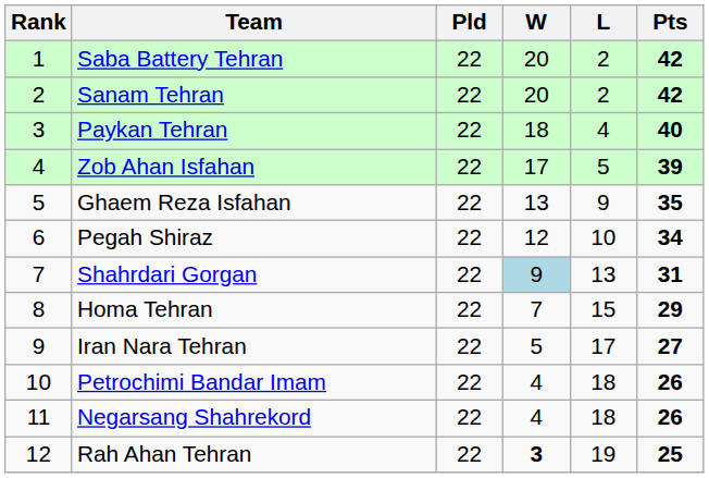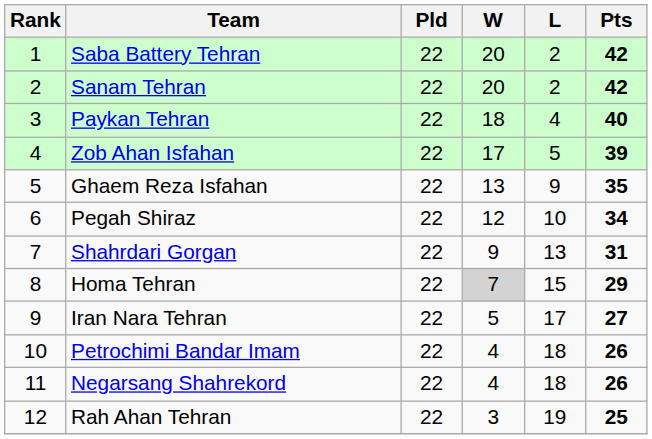 <table class="wikitable" style="text-align: center;">
 <tr>
 <th width=40>Rank</th>
 <th width=250>Team</th>
 <th width=40>Pld</th>
 <th width=40>W</th>
 <th width=40>L</th>
 <th width=40>Pts</th>
 </tr>
 <tr bgcolor=ccffcc>
 <td>1</td>
 <td align="left"><a href='#'>Saba Battery Tehran</a></td>
 <td>22</td>
 <td>20</td>
 <td>2</td>
 <td><strong>42</strong></td>
 </tr>
 <tr bgcolor=ccffcc>
 <td>2</td>
 <td align="left"><a href='#'>Sanam Tehran</a></td>
 <td>22</td>
 <td>20</td>
 <td>2</td>
 <td><strong>42</strong></td>
 </tr>
 <tr bgcolor=ccffcc>
 <td>3</td>
 <td align="left"><a href='#'>Paykan Tehran</a></td>
 <td>22</td>
 <td>18</td>
 <td>4</td>
 <td><strong>40</strong></td>
 </tr>
 <tr bgcolor=ccffcc>
 <td>4</td>
 <td align="left"><a href='#'>Zob Ahan Isfahan</a></td>
 <td>22</td>
 <td>17</td>
 <td>5</td>
 <td><strong>39</strong></td>
 </tr>
 <tr>
 <td>5</td>
 <td align="left">Ghaem Reza Isfahan</td>
 <td>22</td>
 <td>13</td>
 <td>9</td>
 <td><strong>35</strong></td>
 </tr>
 <tr>
 <td>6</td>
 <td align="left">Pegah Shiraz</td>
 <td>22</td>
 <td>12</td>
 <td>10</td>
 <td><strong>34</strong></td>
 </tr>
 <tr>
 <td>7</td>
 <td align="left"><a href='#'>Shahrdari Gorgan</a></td>
 <td>22</td>
-<td style="background: lightblue;">9</td>
+<td>9</td>
 <td>13</td>
 <td><strong>31</strong></td>
 </tr>
 <tr>
 <td>8</td>
 <td align="left">Homa Tehran</td>
 <td>22</td>
-<td>7</td>
+<td style="background: lightgrey;">7</td>
 <td>15</td>
 <td><strong>29</strong></td>
 </tr>
 <tr>
 <td>9</td>
 <td align="left">Iran Nara Tehran</td>
 <td>22</td>
 <td>5</td>
 <td>17</td>
 <td><strong>27</strong></td>
 </tr>
 <tr>
 <td>10</td>
 <td align="left"><a href='#'>Petrochimi Bandar Imam</a></td>
 <td>22</td>
 <td>4</td>
 <td>18</td>
 <td><strong>26</strong></td>
 </tr>
 <tr>
 <td>11</td>
 <td align="left"><a href='#'>Negarsang Shahrekord</a></td>
 <td>22</td>
 <td>4</td>
 <td>18</td>
 <td><strong>26</strong></td>
 </tr>
 <tr>
 <td>12</td>
 <td align="left">Rah Ahan Tehran</td>
 <td>22</td>
-<td><strong>3</strong></td>
+<td>3</td>
 <td>19</td>
 <td><strong>25</strong></td>
 </tr>
 <tr>
 </tr>
 </table>
